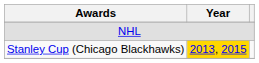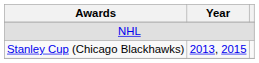 <table class="wikitable">
 <tr>
 <th>Awards</th>
 <th>Year</th>
 <th></th>
 </tr>
 <tr>
 </tr>
 <tr ALIGN="center" bgcolor="#e0e0e0">
 <td colspan="3"><a href='#'>NHL</a></td>
 </tr>
 <tr>
 <td><a href='#'>Stanley Cup</a> (Chicago Blackhawks)</td>
-<td style="background: gold;"><a href='#'>2013</a>, <a href='#'>2015</a></td>
+<td><a href='#'>2013</a>, <a href='#'>2015</a></td>
 <td></td>
 </tr>
 <tr>
 </tr>
 </table>
